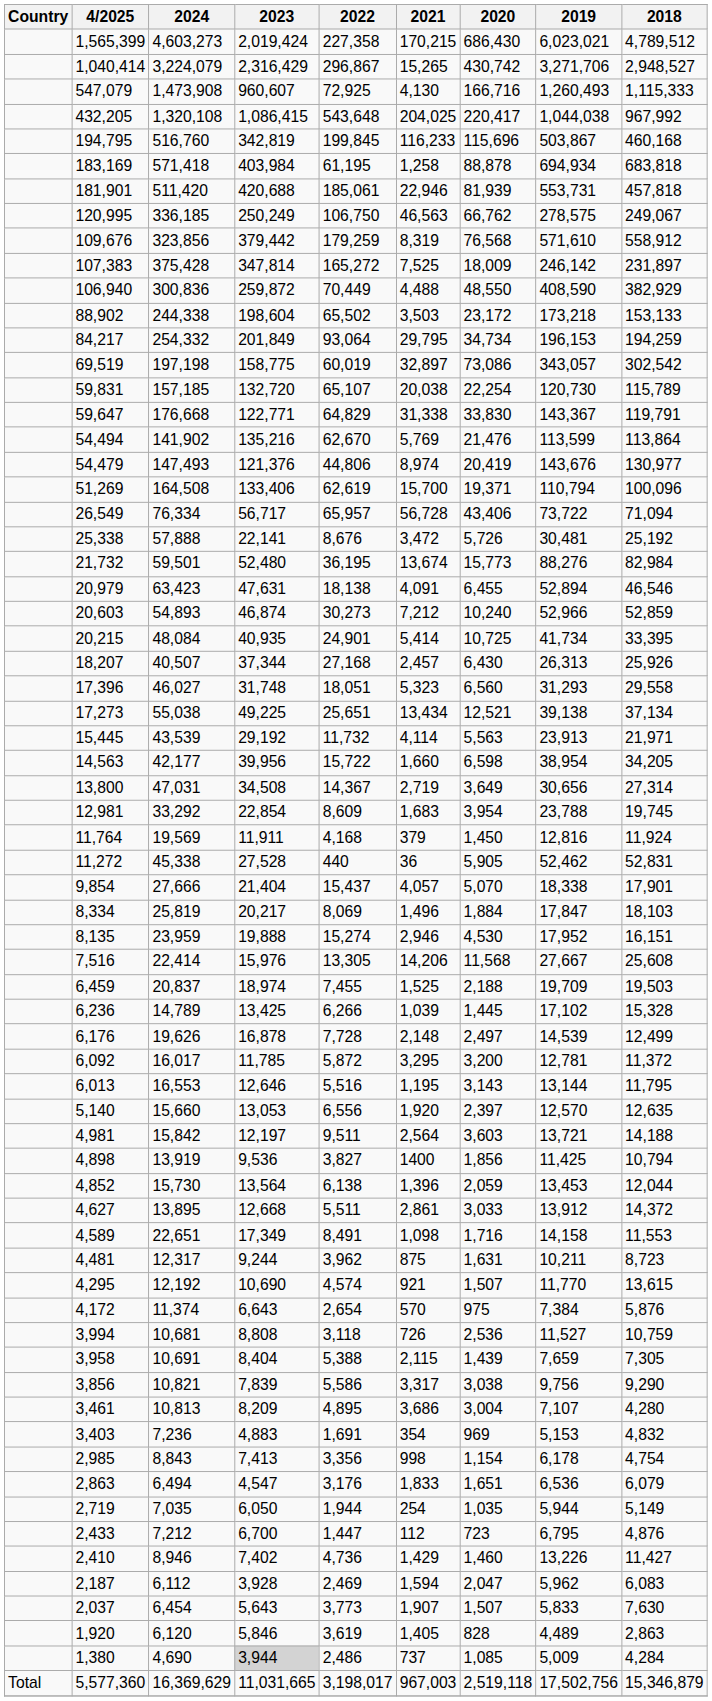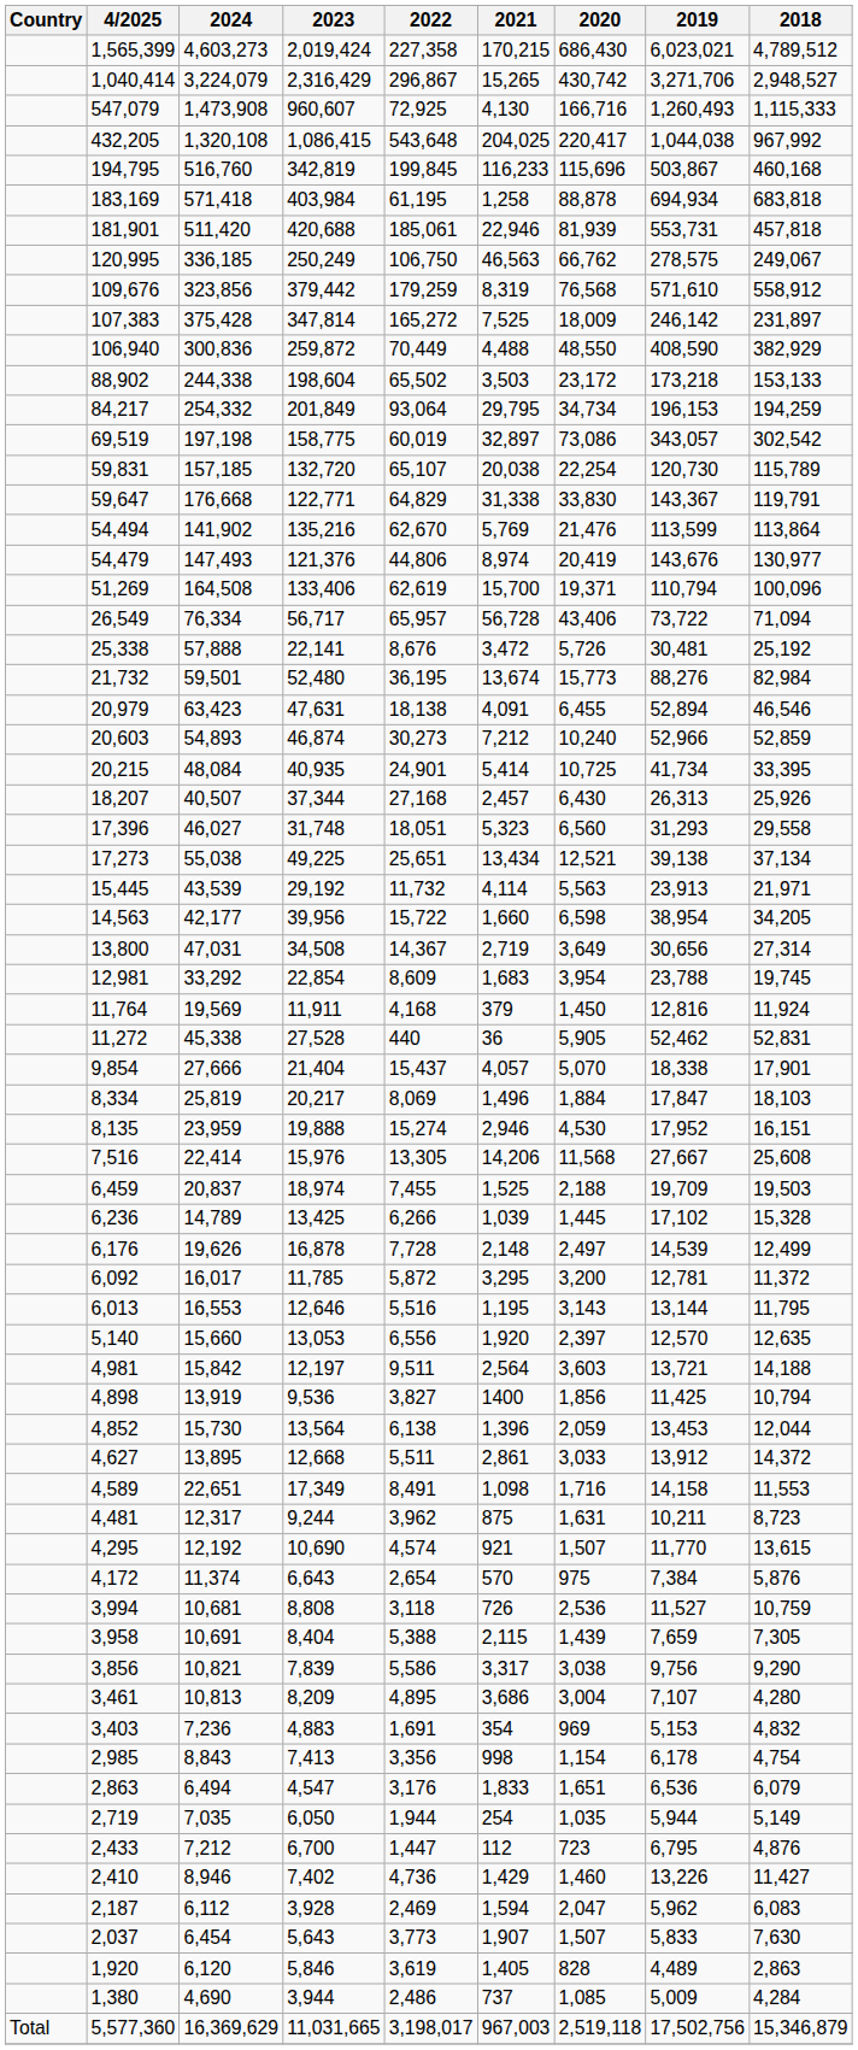 <table class="wikitable sortable">
 <tr>
 <th>Country</th>
 <th>4/2025</th>
 <th>2024</th>
 <th>2023</th>
 <th>2022</th>
 <th>2021</th>
 <th>2020</th>
 <th>2019</th>
 <th>2018</th>
 </tr>
 <tr>
 <td></td>
 <td>1,565,399</td>
 <td>4,603,273</td>
 <td>2,019,424</td>
 <td>227,358</td>
 <td>170,215</td>
 <td>686,430</td>
 <td>6,023,021</td>
 <td>4,789,512</td>
 </tr>
 <tr>
 <td></td>
 <td>1,040,414</td>
 <td>3,224,079</td>
 <td>2,316,429</td>
 <td>296,867</td>
 <td>15,265</td>
 <td>430,742</td>
 <td>3,271,706</td>
 <td>2,948,527</td>
 </tr>
 <tr>
 <td></td>
 <td>547,079</td>
 <td>1,473,908</td>
 <td>960,607</td>
 <td>72,925</td>
 <td>4,130</td>
 <td>166,716</td>
 <td>1,260,493</td>
 <td>1,115,333</td>
 </tr>
 <tr>
 <td></td>
 <td>432,205</td>
 <td>1,320,108</td>
 <td>1,086,415</td>
 <td>543,648</td>
 <td>204,025</td>
 <td>220,417</td>
 <td>1,044,038</td>
 <td>967,992</td>
 </tr>
 <tr>
 <td></td>
 <td>194,795</td>
 <td>516,760</td>
 <td>342,819</td>
 <td>199,845</td>
 <td>116,233</td>
 <td>115,696</td>
 <td>503,867</td>
 <td>460,168</td>
 </tr>
 <tr>
 <td></td>
 <td>183,169</td>
 <td>571,418</td>
 <td>403,984</td>
 <td>61,195</td>
 <td>1,258</td>
 <td>88,878</td>
 <td>694,934</td>
 <td>683,818</td>
 </tr>
 <tr>
 <td></td>
 <td>181,901</td>
 <td>511,420</td>
 <td>420,688</td>
 <td>185,061</td>
 <td>22,946</td>
 <td>81,939</td>
 <td>553,731</td>
 <td>457,818</td>
 </tr>
 <tr>
 <td></td>
 <td>120,995</td>
 <td>336,185</td>
 <td>250,249</td>
 <td>106,750</td>
 <td>46,563</td>
 <td>66,762</td>
 <td>278,575</td>
 <td>249,067</td>
 </tr>
 <tr>
 <td></td>
 <td>109,676</td>
 <td>323,856</td>
 <td>379,442</td>
 <td>179,259</td>
 <td>8,319</td>
 <td>76,568</td>
 <td>571,610</td>
 <td>558,912</td>
 </tr>
 <tr>
 <td></td>
 <td>107,383</td>
 <td>375,428</td>
 <td>347,814</td>
 <td>165,272</td>
 <td>7,525</td>
 <td>18,009</td>
 <td>246,142</td>
 <td>231,897</td>
 </tr>
 <tr>
 <td></td>
 <td>106,940</td>
 <td>300,836</td>
 <td>259,872</td>
 <td>70,449</td>
 <td>4,488</td>
 <td>48,550</td>
 <td>408,590</td>
 <td>382,929</td>
 </tr>
 <tr>
 <td></td>
 <td>88,902</td>
 <td>244,338</td>
 <td>198,604</td>
 <td>65,502</td>
 <td>3,503</td>
 <td>23,172</td>
 <td>173,218</td>
 <td>153,133</td>
 </tr>
 <tr>
 <td></td>
 <td>84,217</td>
 <td>254,332</td>
 <td>201,849</td>
 <td>93,064</td>
 <td>29,795</td>
 <td>34,734</td>
 <td>196,153</td>
 <td>194,259</td>
 </tr>
 <tr>
 <td></td>
 <td>69,519</td>
 <td>197,198</td>
 <td>158,775</td>
 <td>60,019</td>
 <td>32,897</td>
 <td>73,086</td>
 <td>343,057</td>
 <td>302,542</td>
 </tr>
 <tr>
 <td></td>
 <td>59,831</td>
 <td>157,185</td>
 <td>132,720</td>
 <td>65,107</td>
 <td>20,038</td>
 <td>22,254</td>
 <td>120,730</td>
 <td>115,789</td>
 </tr>
 <tr>
 <td></td>
 <td>59,647</td>
 <td>176,668</td>
 <td>122,771</td>
 <td>64,829</td>
 <td>31,338</td>
 <td>33,830</td>
 <td>143,367</td>
 <td>119,791</td>
 </tr>
 <tr>
 <td></td>
 <td>54,494</td>
 <td>141,902</td>
 <td>135,216</td>
 <td>62,670</td>
 <td>5,769</td>
 <td>21,476</td>
 <td>113,599</td>
 <td>113,864</td>
 </tr>
 <tr>
 <td></td>
 <td>54,479</td>
 <td>147,493</td>
 <td>121,376</td>
 <td>44,806</td>
 <td>8,974</td>
 <td>20,419</td>
 <td>143,676</td>
 <td>130,977</td>
 </tr>
 <tr>
 <td></td>
 <td>51,269</td>
 <td>164,508</td>
 <td>133,406</td>
 <td>62,619</td>
 <td>15,700</td>
 <td>19,371</td>
 <td>110,794</td>
 <td>100,096</td>
 </tr>
 <tr>
 <td></td>
 <td>26,549</td>
 <td>76,334</td>
 <td>56,717</td>
 <td>65,957</td>
 <td>56,728</td>
 <td>43,406</td>
 <td>73,722</td>
 <td>71,094</td>
 </tr>
 <tr>
 <td></td>
 <td>25,338</td>
 <td>57,888</td>
 <td>22,141</td>
 <td>8,676</td>
 <td>3,472</td>
 <td>5,726</td>
 <td>30,481</td>
 <td>25,192</td>
 </tr>
 <tr>
 <td></td>
 <td>21,732</td>
 <td>59,501</td>
 <td>52,480</td>
 <td>36,195</td>
 <td>13,674</td>
 <td>15,773</td>
 <td>88,276</td>
 <td>82,984</td>
 </tr>
 <tr>
 <td></td>
 <td>20,979</td>
 <td>63,423</td>
 <td>47,631</td>
 <td>18,138</td>
 <td>4,091</td>
 <td>6,455</td>
 <td>52,894</td>
 <td>46,546</td>
 </tr>
 <tr>
 <td></td>
 <td>20,603</td>
 <td>54,893</td>
 <td>46,874</td>
 <td>30,273</td>
 <td>7,212</td>
 <td>10,240</td>
 <td>52,966</td>
 <td>52,859</td>
 </tr>
 <tr>
 <td></td>
 <td>20,215</td>
 <td>48,084</td>
 <td>40,935</td>
 <td>24,901</td>
 <td>5,414</td>
 <td>10,725</td>
 <td>41,734</td>
 <td>33,395</td>
 </tr>
 <tr>
 <td></td>
 <td>18,207</td>
 <td>40,507</td>
 <td>37,344</td>
 <td>27,168</td>
 <td>2,457</td>
 <td>6,430</td>
 <td>26,313</td>
 <td>25,926</td>
 </tr>
 <tr>
 <td></td>
 <td>17,396</td>
 <td>46,027</td>
 <td>31,748</td>
 <td>18,051</td>
 <td>5,323</td>
 <td>6,560</td>
 <td>31,293</td>
 <td>29,558</td>
 </tr>
 <tr>
 <td></td>
 <td>17,273</td>
 <td>55,038</td>
 <td>49,225</td>
 <td>25,651</td>
 <td>13,434</td>
 <td>12,521</td>
 <td>39,138</td>
 <td>37,134</td>
 </tr>
 <tr>
 <td></td>
 <td>15,445</td>
 <td>43,539</td>
 <td>29,192</td>
 <td>11,732</td>
 <td>4,114</td>
 <td>5,563</td>
 <td>23,913</td>
 <td>21,971</td>
 </tr>
 <tr>
 <td></td>
 <td>14,563</td>
 <td>42,177</td>
 <td>39,956</td>
 <td>15,722</td>
 <td>1,660</td>
 <td>6,598</td>
 <td>38,954</td>
 <td>34,205</td>
 </tr>
 <tr>
 <td></td>
 <td>13,800</td>
 <td>47,031</td>
 <td>34,508</td>
 <td>14,367</td>
 <td>2,719</td>
 <td>3,649</td>
 <td>30,656</td>
 <td>27,314</td>
 </tr>
 <tr>
 <td></td>
 <td>12,981</td>
 <td>33,292</td>
 <td>22,854</td>
 <td>8,609</td>
 <td>1,683</td>
 <td>3,954</td>
 <td>23,788</td>
 <td>19,745</td>
 </tr>
 <tr>
 <td></td>
 <td>11,764</td>
 <td>19,569</td>
 <td>11,911</td>
 <td>4,168</td>
 <td>379</td>
 <td>1,450</td>
 <td>12,816</td>
 <td>11,924</td>
 </tr>
 <tr>
 <td></td>
 <td>11,272</td>
 <td>45,338</td>
 <td>27,528</td>
 <td>440</td>
 <td>36</td>
 <td>5,905</td>
 <td>52,462</td>
 <td>52,831</td>
 </tr>
 <tr>
 <td></td>
 <td>9,854</td>
 <td>27,666</td>
 <td>21,404</td>
 <td>15,437</td>
 <td>4,057</td>
 <td>5,070</td>
 <td>18,338</td>
 <td>17,901</td>
 </tr>
 <tr>
 <td></td>
 <td>8,334</td>
 <td>25,819</td>
 <td>20,217</td>
 <td>8,069</td>
 <td>1,496</td>
 <td>1,884</td>
 <td>17,847</td>
 <td>18,103</td>
 </tr>
 <tr>
 <td></td>
 <td>8,135</td>
 <td>23,959</td>
 <td>19,888</td>
 <td>15,274</td>
 <td>2,946</td>
 <td>4,530</td>
 <td>17,952</td>
 <td>16,151</td>
 </tr>
 <tr>
 <td></td>
 <td>7,516</td>
 <td>22,414</td>
 <td>15,976</td>
 <td>13,305</td>
 <td>14,206</td>
 <td>11,568</td>
 <td>27,667</td>
 <td>25,608</td>
 </tr>
 <tr>
 <td></td>
 <td>6,459</td>
 <td>20,837</td>
 <td>18,974</td>
 <td>7,455</td>
 <td>1,525</td>
 <td>2,188</td>
 <td>19,709</td>
 <td>19,503</td>
 </tr>
 <tr>
 <td></td>
 <td>6,236</td>
 <td>14,789</td>
 <td>13,425</td>
 <td>6,266</td>
 <td>1,039</td>
 <td>1,445</td>
 <td>17,102</td>
 <td>15,328</td>
 </tr>
 <tr>
 <td></td>
 <td>6,176</td>
 <td>19,626</td>
 <td>16,878</td>
 <td>7,728</td>
 <td>2,148</td>
 <td>2,497</td>
 <td>14,539</td>
 <td>12,499</td>
 </tr>
 <tr>
 <td></td>
 <td>6,092</td>
 <td>16,017</td>
 <td>11,785</td>
 <td>5,872</td>
 <td>3,295</td>
 <td>3,200</td>
 <td>12,781</td>
 <td>11,372</td>
 </tr>
 <tr>
 <td></td>
 <td>6,013</td>
 <td>16,553</td>
 <td>12,646</td>
 <td>5,516</td>
 <td>1,195</td>
 <td>3,143</td>
 <td>13,144</td>
 <td>11,795</td>
 </tr>
 <tr>
 <td></td>
 <td>5,140</td>
 <td>15,660</td>
 <td>13,053</td>
 <td>6,556</td>
 <td>1,920</td>
 <td>2,397</td>
 <td>12,570</td>
 <td>12,635</td>
 </tr>
 <tr>
 <td></td>
 <td>4,981</td>
 <td>15,842</td>
 <td>12,197</td>
 <td>9,511</td>
 <td>2,564</td>
 <td>3,603</td>
 <td>13,721</td>
 <td>14,188</td>
 </tr>
 <tr>
 <td></td>
 <td>4,898</td>
 <td>13,919</td>
 <td>9,536</td>
 <td>3,827</td>
 <td>1400</td>
 <td>1,856</td>
 <td>11,425</td>
 <td>10,794</td>
 </tr>
 <tr>
 <td></td>
 <td>4,852</td>
 <td>15,730</td>
 <td>13,564</td>
 <td>6,138</td>
 <td>1,396</td>
 <td>2,059</td>
 <td>13,453</td>
 <td>12,044</td>
 </tr>
 <tr>
 <td></td>
 <td>4,627</td>
 <td>13,895</td>
 <td>12,668</td>
 <td>5,511</td>
 <td>2,861</td>
 <td>3,033</td>
 <td>13,912</td>
 <td>14,372</td>
 </tr>
 <tr>
 <td></td>
 <td>4,589</td>
 <td>22,651</td>
 <td>17,349</td>
 <td>8,491</td>
 <td>1,098</td>
 <td>1,716</td>
 <td>14,158</td>
 <td>11,553</td>
 </tr>
 <tr>
 <td></td>
 <td>4,481</td>
 <td>12,317</td>
 <td>9,244</td>
 <td>3,962</td>
 <td>875</td>
 <td>1,631</td>
 <td>10,211</td>
 <td>8,723</td>
 </tr>
 <tr>
 <td></td>
 <td>4,295</td>
 <td>12,192</td>
 <td>10,690</td>
 <td>4,574</td>
 <td>921</td>
 <td>1,507</td>
 <td>11,770</td>
 <td>13,615</td>
 </tr>
 <tr>
 <td></td>
 <td>4,172</td>
 <td>11,374</td>
 <td>6,643</td>
 <td>2,654</td>
 <td>570</td>
 <td>975</td>
 <td>7,384</td>
 <td>5,876</td>
 </tr>
 <tr>
 <td></td>
 <td>3,994</td>
 <td>10,681</td>
 <td>8,808</td>
 <td>3,118</td>
 <td>726</td>
 <td>2,536</td>
 <td>11,527</td>
 <td>10,759</td>
 </tr>
 <tr>
 <td></td>
 <td>3,958</td>
 <td>10,691</td>
 <td>8,404</td>
 <td>5,388</td>
 <td>2,115</td>
 <td>1,439</td>
 <td>7,659</td>
 <td>7,305</td>
 </tr>
 <tr>
 <td></td>
 <td>3,856</td>
 <td>10,821</td>
 <td>7,839</td>
 <td>5,586</td>
 <td>3,317</td>
 <td>3,038</td>
 <td>9,756</td>
 <td>9,290</td>
 </tr>
 <tr>
 <td></td>
 <td>3,461</td>
 <td>10,813</td>
 <td>8,209</td>
 <td>4,895</td>
 <td>3,686</td>
 <td>3,004</td>
 <td>7,107</td>
 <td>4,280</td>
 </tr>
 <tr>
 <td></td>
 <td>3,403</td>
 <td>7,236</td>
 <td>4,883</td>
 <td>1,691</td>
 <td>354</td>
 <td>969</td>
 <td>5,153</td>
 <td>4,832</td>
 </tr>
 <tr>
 <td></td>
 <td>2,985</td>
 <td>8,843</td>
 <td>7,413</td>
 <td>3,356</td>
 <td>998</td>
 <td>1,154</td>
 <td>6,178</td>
 <td>4,754</td>
 </tr>
 <tr>
 <td></td>
 <td>2,863</td>
 <td>6,494</td>
 <td>4,547</td>
 <td>3,176</td>
 <td>1,833</td>
 <td>1,651</td>
 <td>6,536</td>
 <td>6,079</td>
 </tr>
 <tr>
 <td></td>
 <td>2,719</td>
 <td>7,035</td>
 <td>6,050</td>
 <td>1,944</td>
 <td>254</td>
 <td>1,035</td>
 <td>5,944</td>
 <td>5,149</td>
 </tr>
 <tr>
 <td></td>
 <td>2,433</td>
 <td>7,212</td>
 <td>6,700</td>
 <td>1,447</td>
 <td>112</td>
 <td>723</td>
 <td>6,795</td>
 <td>4,876</td>
 </tr>
 <tr>
 <td></td>
 <td>2,410</td>
 <td>8,946</td>
 <td>7,402</td>
 <td>4,736</td>
 <td>1,429</td>
 <td>1,460</td>
 <td>13,226</td>
 <td>11,427</td>
 </tr>
 <tr>
 <td></td>
 <td>2,187</td>
 <td>6,112</td>
 <td>3,928</td>
 <td>2,469</td>
 <td>1,594</td>
 <td>2,047</td>
 <td>5,962</td>
 <td>6,083</td>
 </tr>
 <tr>
 <td></td>
 <td>2,037</td>
 <td>6,454</td>
 <td>5,643</td>
 <td>3,773</td>
 <td>1,907</td>
 <td>1,507</td>
 <td>5,833</td>
 <td>7,630</td>
 </tr>
 <tr>
 <td></td>
 <td>1,920</td>
 <td>6,120</td>
 <td>5,846</td>
 <td>3,619</td>
 <td>1,405</td>
 <td>828</td>
 <td>4,489</td>
 <td>2,863</td>
 </tr>
 <tr>
 <td></td>
 <td>1,380</td>
 <td>4,690</td>
-<td style="background: lightgrey;">3,944</td>
+<td>3,944</td>
 <td>2,486</td>
 <td>737</td>
 <td>1,085</td>
 <td>5,009</td>
 <td>4,284</td>
 </tr>
 <tr>
 <td>Total</td>
 <td>5,577,360</td>
 <td>16,369,629</td>
 <td>11,031,665</td>
 <td>3,198,017</td>
 <td>967,003</td>
 <td>2,519,118</td>
 <td>17,502,756</td>
 <td>15,346,879</td>
 </tr>
 <tr>
 </tr>
 </table>
